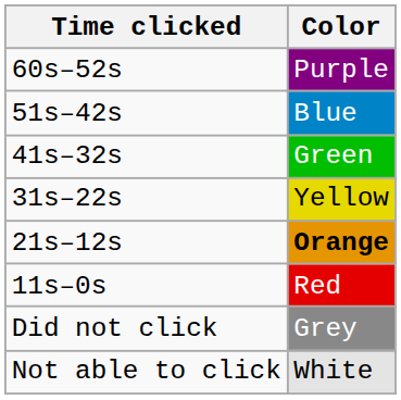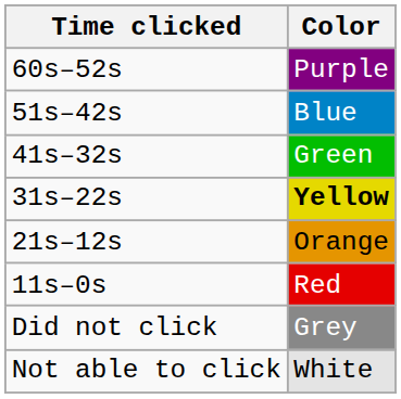 <table class="wikitable">
 <tr>
 <th>Time clicked</th>
 <th>Color</th>
 </tr>
 <tr>
 <td>60s–52s</td>
 <td style="background: #820080; color: white">Purple</td>
 </tr>
 <tr>
 <td>51s–42s</td>
 <td style="background: #0083C7; color: white">Blue</td>
 </tr>
 <tr>
 <td>41s–32s</td>
 <td style="background: #02be01; color: white">Green</td>
 </tr>
 <tr>
 <td>31s–22s</td>
-<td style="background: #E5D900">Yellow</td>
+<td style="background: #E5D900"><strong>Yellow</strong></td>
 </tr>
 <tr>
 <td>21s–12s</td>
-<td style="background: #e59500"><strong>Orange</strong></td>
+<td style="background: #e59500">Orange</td>
 </tr>
 <tr>
 <td>11s–0s</td>
 <td style="background: #e50000; color: white">Red</td>
 </tr>
 <tr>
 <td>Did not click</td>
 <td style="background: #888; color: white">Grey</td>
 </tr>
 <tr>
 <td>Not able to click</td>
 <td style="background: #e4e4e4">White</td>
 </tr>
 </table>
